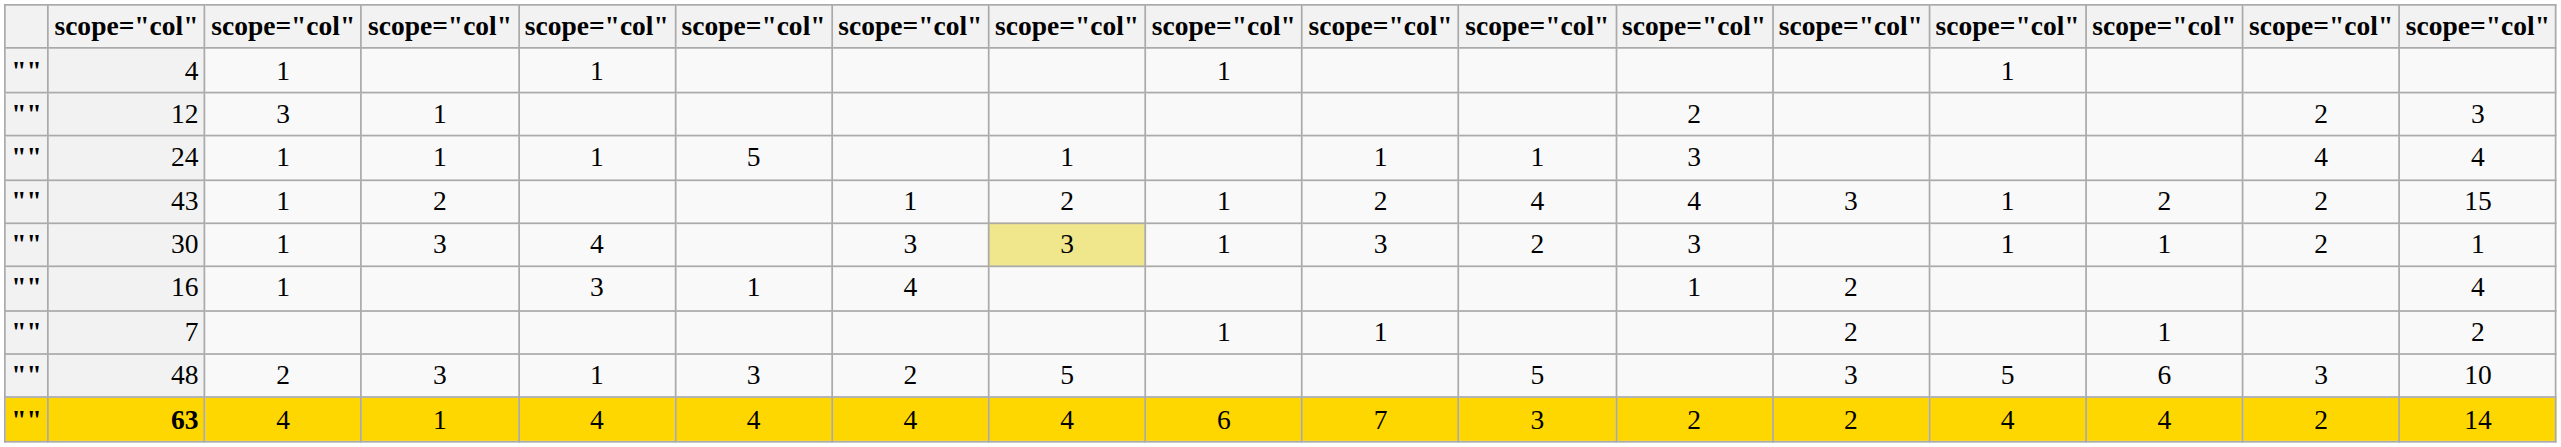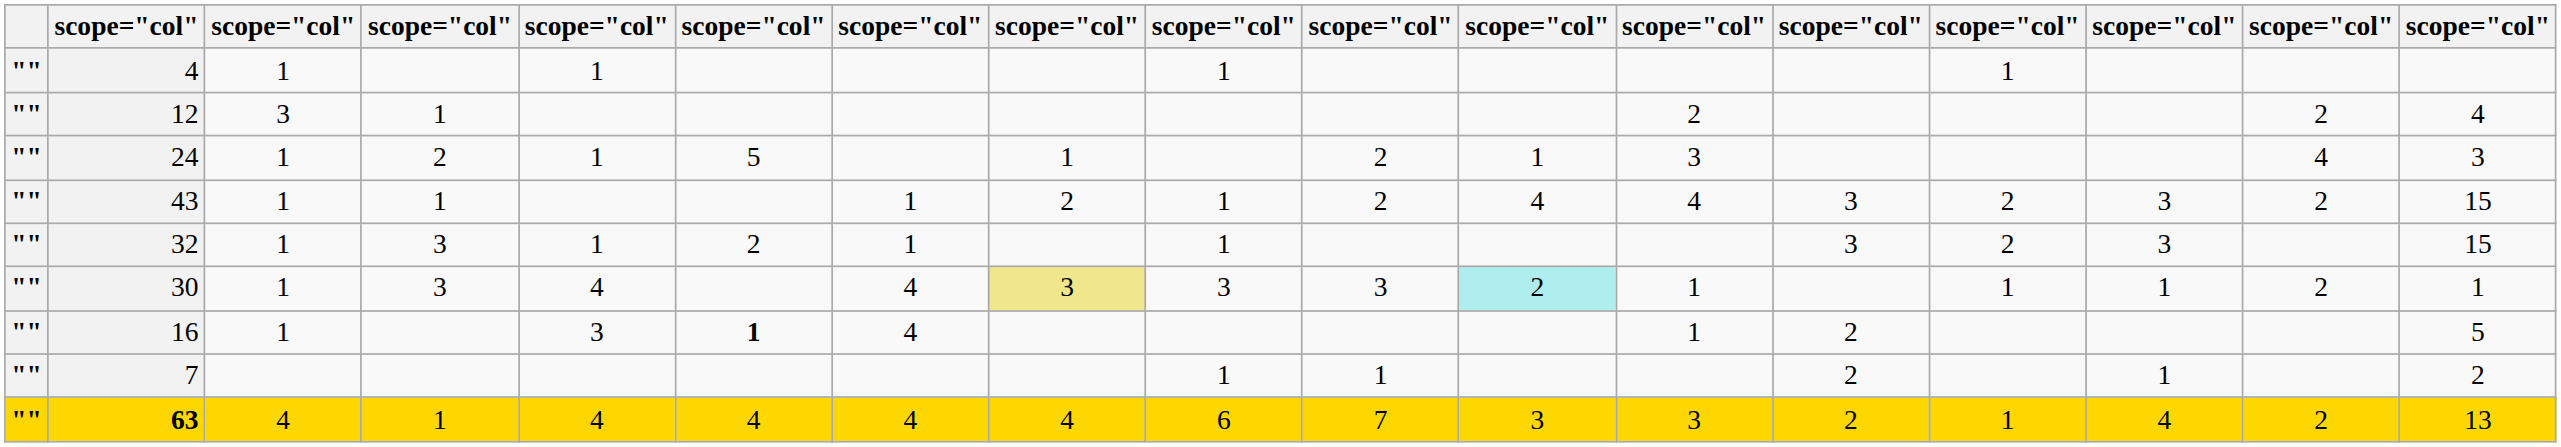 <table class="wikitable plainrowheaders" style="text-align:center;">
 <tr>
 <th></th>
 <th>scope="col" </th>
 <th>scope="col" </th>
 <th>scope="col" </th>
 <th>scope="col" </th>
 <th>scope="col" </th>
 <th>scope="col" </th>
 <th>scope="col" </th>
 <th>scope="col" </th>
 <th>scope="col" </th>
 <th>scope="col" </th>
 <th>scope="col" </th>
 <th>scope="col" </th>
 <th>scope="col" </th>
 <th>scope="col" </th>
 <th>scope="col" </th>
 <th>scope="col" </th>
 </tr>
 <tr>
 <th scope="row" style="text-align:left; background:#f2f2f2;">""</th>
 <td style="text-align:right; background:#f2f2f2;">4</td>
 <td>1</td>
 <td></td>
 <td>1</td>
 <td></td>
 <td></td>
 <td></td>
 <td>1</td>
 <td></td>
 <td></td>
 <td></td>
 <td></td>
 <td>1</td>
 <td></td>
 <td></td>
 <td></td>
 </tr>
 <tr>
 <th scope="row" style="text-align:left; background:#f2f2f2;">""</th>
 <td style="text-align:right; background:#f2f2f2;">12</td>
 <td>3</td>
 <td>1</td>
 <td></td>
 <td></td>
 <td></td>
 <td></td>
 <td></td>
 <td></td>
 <td></td>
 <td>2</td>
 <td></td>
 <td></td>
 <td></td>
 <td>2</td>
-<td>3</td>
+<td>4</td>
 </tr>
 <tr>
 <th scope="row" style="text-align:left; background:#f2f2f2;">""</th>
 <td style="text-align:right; background:#f2f2f2;">24</td>
 <td>1</td>
-<td>1</td>
+<td>2</td>
 <td>1</td>
 <td>5</td>
 <td></td>
 <td>1</td>
 <td></td>
-<td>1</td>
+<td>2</td>
 <td>1</td>
 <td>3</td>
 <td></td>
 <td></td>
 <td></td>
 <td>4</td>
-<td>4</td>
+<td>3</td>
 </tr>
 <tr>
 <th scope="row" style="text-align:left; background:#f2f2f2;">""</th>
 <td style="text-align:right; background:#f2f2f2;">43</td>
 <td>1</td>
-<td>2</td>
+<td>1</td>
 <td></td>
 <td></td>
 <td>1</td>
 <td>2</td>
 <td>1</td>
 <td>2</td>
 <td>4</td>
 <td>4</td>
 <td>3</td>
+<td>2</td>
+<td>3</td>
+<td>2</td>
+<td>15</td>
+</tr>
+<tr>
+<th scope="row" style="text-align:left; background:#f2f2f2;">""</th>
+<td style="text-align:right; background:#f2f2f2;">32</td>
+<td>1</td>
+<td>3</td>
 <td>1</td>
 <td>2</td>
+<td>1</td>
+<td></td>
+<td>1</td>
+<td></td>
+<td></td>
+<td></td>
+<td>3</td>
 <td>2</td>
+<td>3</td>
+<td></td>
 <td>15</td>
 </tr>
 <tr>
 <th scope="row" style="text-align:left; background:#f2f2f2;">""</th>
 <td style="text-align:right; background:#f2f2f2;">30</td>
 <td>1</td>
 <td>3</td>
 <td>4</td>
 <td></td>
+<td>4</td>
+<td style="background: khaki;">3</td>
 <td>3</td>
-<td style="background: khaki;">3</td>
+<td>3</td>
+<td style="background: paleturquoise;">2</td>
 <td>1</td>
-<td>3</td>
-<td>2</td>
-<td>3</td>
 <td></td>
 <td>1</td>
 <td>1</td>
 <td>2</td>
 <td>1</td>
 </tr>
 <tr>
 <th scope="row" style="text-align:left; background:#f2f2f2;">""</th>
 <td style="text-align:right; background:#f2f2f2;">16</td>
 <td>1</td>
 <td></td>
 <td>3</td>
-<td>1</td>
+<td><strong>1</strong></td>
 <td>4</td>
 <td></td>
 <td></td>
 <td></td>
 <td></td>
 <td>1</td>
 <td>2</td>
 <td></td>
 <td></td>
 <td></td>
-<td>4</td>
+<td>5</td>
 </tr>
 <tr>
 <th scope="row" style="text-align:left; background:#f2f2f2;">""</th>
 <td style="text-align:right; background:#f2f2f2;">7</td>
 <td></td>
 <td></td>
 <td></td>
 <td></td>
 <td></td>
 <td></td>
 <td>1</td>
 <td>1</td>
 <td></td>
 <td></td>
 <td>2</td>
 <td></td>
 <td>1</td>
 <td></td>
 <td>2</td>
 </tr>
-<tr>
-<th scope="row" style="text-align:left; background:#f2f2f2;">""</th>
-<td style="text-align:right; background:#f2f2f2;">48</td>
-<td>2</td>
-<td>3</td>
-<td>1</td>
-<td>3</td>
-<td>2</td>
-<td>5</td>
-<td></td>
-<td></td>
-<td>5</td>
-<td></td>
-<td>3</td>
-<td>5</td>
-<td>6</td>
-<td>3</td>
-<td>10</td>
-</tr>
 <tr style="background:gold;">
 <th scope="row" style="text-align:left; font-weight:bold; background:gold;">""</th>
 <td style="text-align:right; font-weight:bold;">63</td>
 <td>4</td>
 <td>1</td>
 <td>4</td>
 <td>4</td>
 <td>4</td>
 <td>4</td>
 <td>6</td>
 <td>7</td>
 <td>3</td>
+<td>3</td>
 <td>2</td>
-<td>2</td>
-<td>4</td>
+<td>1</td>
 <td>4</td>
 <td>2</td>
-<td>14</td>
+<td>13</td>
 </tr>
 </table>
